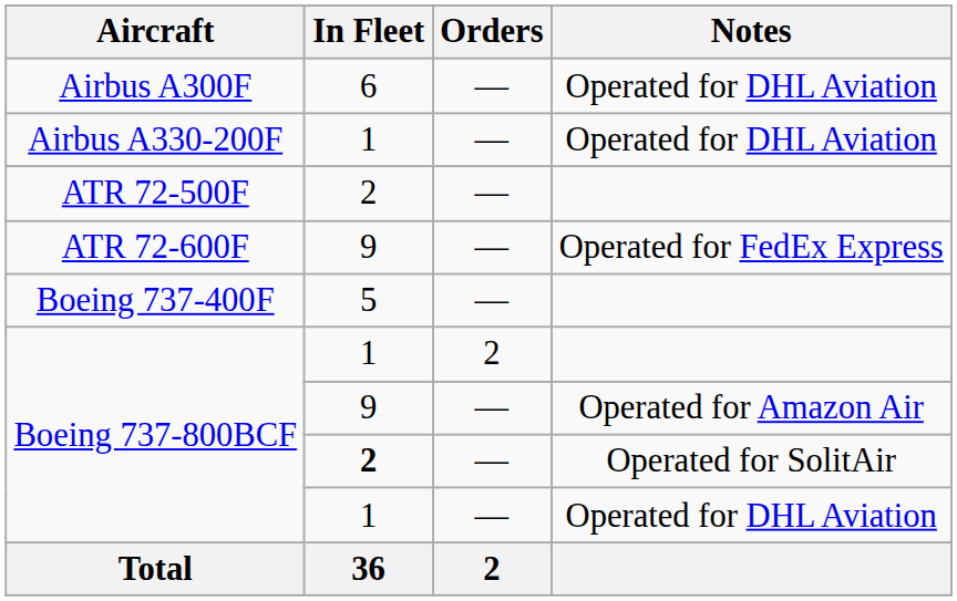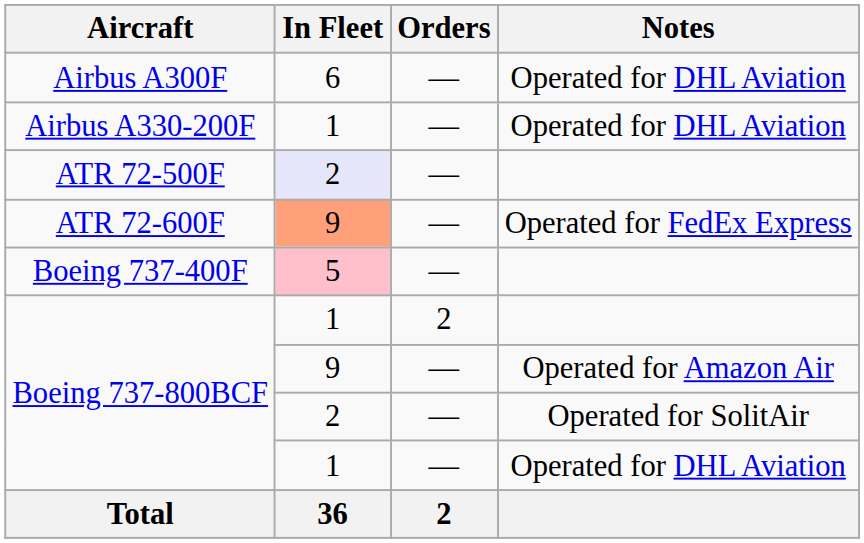 <table class="wikitable" style="margin:0.5em auto;text-align:center">
 <tr>
 <th>Aircraft</th>
 <th>In Fleet</th>
 <th>Orders</th>
 <th>Notes</th>
 </tr>
 <tr>
 <td><a href='#'>Airbus A300F</a></td>
 <td>6</td>
 <td>—</td>
 <td>Operated for <a href='#'>DHL Aviation</a></td>
 </tr>
 <tr>
 <td><a href='#'>Airbus A330-200F</a></td>
 <td>1</td>
 <td>—</td>
 <td>Operated for <a href='#'>DHL Aviation</a></td>
 </tr>
 <tr>
 <td><a href='#'>ATR 72-500F</a></td>
-<td>2</td>
+<td style="background: lavender;">2</td>
 <td>—</td>
 <td></td>
 </tr>
 <tr>
 <td><a href='#'>ATR 72-600F</a></td>
-<td>9</td>
+<td style="background: lightsalmon;">9</td>
 <td>—</td>
 <td>Operated for <a href='#'>FedEx Express</a></td>
 </tr>
 <tr>
 <td><a href='#'>Boeing 737-400F</a></td>
-<td>5</td>
+<td style="background: pink;">5</td>
 <td>—</td>
 <td></td>
 </tr>
 <tr>
 <td rowspan="4"><a href='#'>Boeing 737-800BCF</a></td>
 <td>1</td>
 <td>2</td>
 <td></td>
 </tr>
 <tr>
 <td>9</td>
 <td>—</td>
 <td>Operated for <a href='#'>Amazon Air</a></td>
 </tr>
 <tr>
-<td><strong>2</strong></td>
+<td>2</td>
 <td>—</td>
 <td>Operated for SolitAir</td>
 </tr>
 <tr>
 <td>1</td>
 <td>—</td>
 <td>Operated for <a href='#'>DHL Aviation</a></td>
 </tr>
 <tr>
 <th>Total</th>
 <th>36</th>
 <th>2</th>
 <th></th>
 </tr>
 </table>
